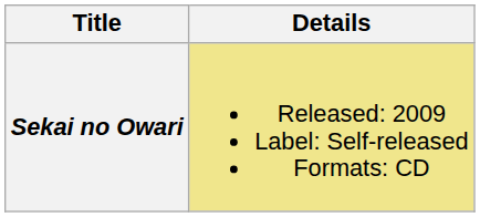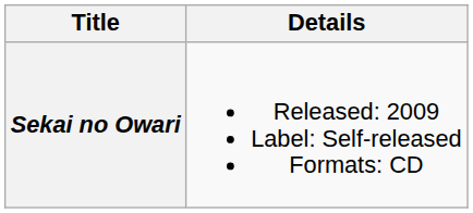 <table class="wikitable plainrowheaders" style="text-align:center;">
 <tr>
 <th>Title</th>
 <th>Details</th>
 </tr>
 <tr>
 <th scope="row"><em>Sekai no Owari</em></th>
-<td style="background: khaki;"><br><ul><li>Released: 2009 </li><li>Label: Self-released</li><li>Formats: CD</li></ul></td>
+<td><br><ul><li>Released: 2009 </li><li>Label: Self-released</li><li>Formats: CD</li></ul></td>
 </tr>
 </table>
